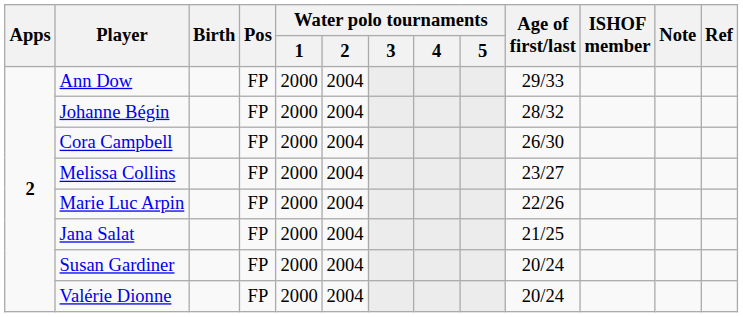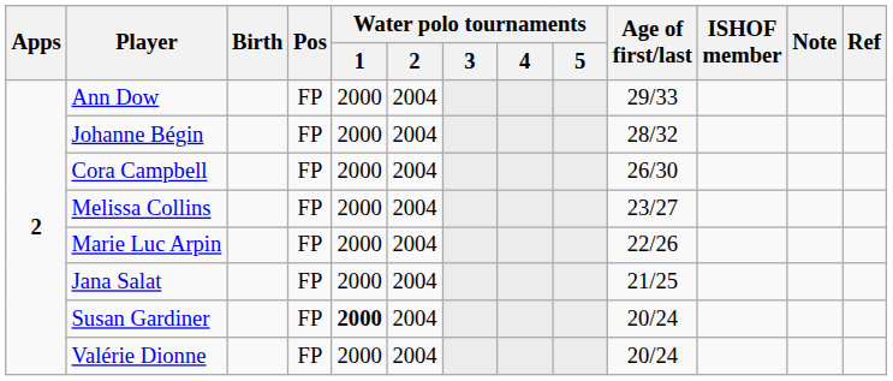 <table class="wikitable sortable" style="text-align: center; font-size: 90%; margin-left: 1em;">
 <tr>
 <th rowspan="2">Apps</th>
 <th rowspan="2">Player</th>
 <th rowspan="2">Birth</th>
 <th rowspan="2">Pos</th>
 <th colspan="5">Water polo tournaments</th>
 <th rowspan="2">Age of<br>first/last</th>
 <th rowspan="2">ISHOF<br>member</th>
 <th rowspan="2">Note</th>
 <th rowspan="2" class="unsortable">Ref</th>
 </tr>
 <tr>
 <th>1</th>
 <th style="width: 2em;" class="unsortable">2</th>
 <th style="width: 2em;" class="unsortable">3</th>
 <th style="width: 2em;" class="unsortable">4</th>
 <th style="width: 2em;" class="unsortable">5</th>
 </tr>
 <tr>
 <td rowspan="8"><strong>2</strong></td>
 <td style="text-align: left;" data-sort-value="Dow, Ann"><a href='#'>Ann Dow</a></td>
 <td></td>
 <td>FP</td>
 <td>2000</td>
 <td>2004</td>
 <td style="background-color: #ececec;"></td>
 <td style="background-color: #ececec;"></td>
 <td style="background-color: #ececec;"></td>
 <td>29/33</td>
 <td></td>
 <td style="text-align: left;"></td>
 <td></td>
 </tr>
 <tr>
 <td style="text-align: left;" data-sort-value="Bégin, Johanne"><a href='#'>Johanne Bégin</a></td>
 <td></td>
 <td>FP</td>
 <td>2000</td>
 <td>2004</td>
 <td style="background-color: #ececec;"></td>
 <td style="background-color: #ececec;"></td>
 <td style="background-color: #ececec;"></td>
 <td>28/32</td>
 <td></td>
 <td style="text-align: left;"></td>
 <td></td>
 </tr>
 <tr>
 <td style="text-align: left;" data-sort-value="Campbell, Cora"><a href='#'>Cora Campbell</a></td>
 <td></td>
 <td>FP</td>
 <td>2000</td>
 <td>2004</td>
 <td style="background-color: #ececec;"></td>
 <td style="background-color: #ececec;"></td>
 <td style="background-color: #ececec;"></td>
 <td>26/30</td>
 <td></td>
 <td style="text-align: left;"></td>
 <td></td>
 </tr>
 <tr>
 <td style="text-align: left;" data-sort-value="Collins, Melissa"><a href='#'>Melissa Collins</a></td>
 <td></td>
 <td>FP</td>
 <td>2000</td>
 <td>2004</td>
 <td style="background-color: #ececec;"></td>
 <td style="background-color: #ececec;"></td>
 <td style="background-color: #ececec;"></td>
 <td>23/27</td>
 <td></td>
 <td style="text-align: left;"></td>
 <td></td>
 </tr>
 <tr>
 <td style="text-align: left;" data-sort-value="Arpin, Marie Luc"><a href='#'>Marie Luc Arpin</a></td>
 <td></td>
 <td>FP</td>
 <td>2000</td>
 <td>2004</td>
 <td style="background-color: #ececec;"></td>
 <td style="background-color: #ececec;"></td>
 <td style="background-color: #ececec;"></td>
 <td>22/26</td>
 <td></td>
 <td style="text-align: left;"></td>
 <td></td>
 </tr>
 <tr>
 <td style="text-align: left;" data-sort-value="Salat, Jana"><a href='#'>Jana Salat</a></td>
 <td></td>
 <td>FP</td>
 <td>2000</td>
 <td>2004</td>
 <td style="background-color: #ececec;"></td>
 <td style="background-color: #ececec;"></td>
 <td style="background-color: #ececec;"></td>
 <td>21/25</td>
 <td></td>
 <td style="text-align: left;"></td>
 <td></td>
 </tr>
 <tr>
 <td style="text-align: left;" data-sort-value="Gardiner, Susan"><a href='#'>Susan Gardiner</a></td>
 <td></td>
 <td>FP</td>
-<td>2000</td>
+<td><strong>2000</strong></td>
 <td>2004</td>
 <td style="background-color: #ececec;"></td>
 <td style="background-color: #ececec;"></td>
 <td style="background-color: #ececec;"></td>
 <td>20/24</td>
 <td></td>
 <td style="text-align: left;"></td>
 <td></td>
 </tr>
 <tr>
 <td style="text-align: left;" data-sort-value="Dionne, Valérie"><a href='#'>Valérie Dionne</a></td>
 <td></td>
 <td>FP</td>
 <td>2000</td>
 <td>2004</td>
 <td style="background-color: #ececec;"></td>
 <td style="background-color: #ececec;"></td>
 <td style="background-color: #ececec;"></td>
 <td>20/24</td>
 <td></td>
 <td style="text-align: left;"></td>
 <td></td>
 </tr>
 </table>
